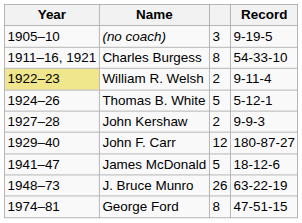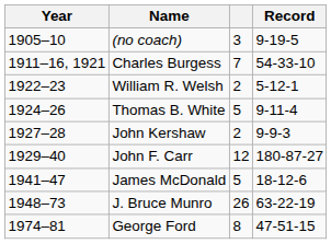 <table class="wikitable" style="width: %;">
 <tr>
 <th>Year</th>
 <th>Name</th>
 <th></th>
 <th>Record</th>
 </tr>
 <tr>
 <td>1905–10</td>
 <td><em>(no coach)</em></td>
 <td>3</td>
 <td>9-19-5</td>
 </tr>
 <tr>
 <td>1911–16, 1921</td>
 <td>Charles Burgess</td>
-<td>8</td>
+<td>7</td>
 <td>54-33-10</td>
 </tr>
 <tr>
-<td style="background: khaki;">1922–23</td>
+<td>1922–23</td>
 <td>William R. Welsh</td>
 <td>2</td>
-<td>9-11-4</td>
+<td>5-12-1</td>
 </tr>
 <tr>
 <td>1924–26</td>
 <td>Thomas B. White</td>
 <td>5</td>
-<td>5-12-1</td>
+<td>9-11-4</td>
 </tr>
 <tr>
 <td>1927–28</td>
 <td>John Kershaw</td>
 <td>2</td>
 <td>9-9-3</td>
 </tr>
 <tr>
 <td>1929–40</td>
 <td>John F. Carr</td>
 <td>12</td>
 <td>180-87-27</td>
 </tr>
 <tr>
 <td>1941–47</td>
 <td>James McDonald</td>
 <td>5</td>
 <td>18-12-6</td>
 </tr>
 <tr>
 <td>1948–73</td>
 <td>J. Bruce Munro</td>
 <td>26</td>
 <td>63-22-19</td>
 </tr>
 <tr>
 <td>1974–81</td>
 <td>George Ford</td>
 <td>8</td>
 <td>47-51-15</td>
 </tr>
 </table>
